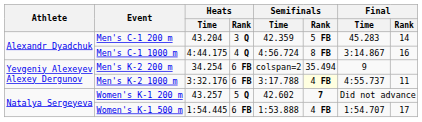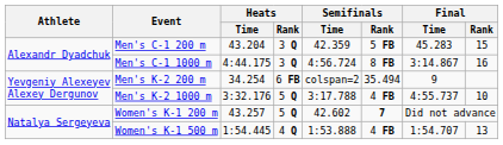 <table class="wikitable" style="font-size:90%">
 <tr>
 <th rowspan=2>Athlete</th>
 <th rowspan=2>Event</th>
 <th colspan=2>Heats</th>
 <th colspan=2>Semifinals</th>
 <th colspan=2>Final</th>
 </tr>
 <tr style="font-size:95%">
 <th>Time</th>
 <th>Rank</th>
 <th>Time</th>
 <th>Rank</th>
 <th>Time</th>
 <th>Rank</th>
 </tr>
 <tr align=center>
 <td align=left rowspan=2><a href='#'>Alexandr Dyadchuk</a></td>
 <td align=left><a href='#'>Men's C-1 200 m</a></td>
 <td>43.204</td>
 <td>3 <strong>Q</strong></td>
 <td>42.359</td>
 <td>5 <strong>FB</strong></td>
 <td>45.283</td>
-<td>14</td>
+<td>15</td>
 </tr>
 <tr align=center>
 <td align=left><a href='#'>Men's C-1 1000 m</a></td>
 <td>4:44.175</td>
-<td>4 <strong>Q</strong></td>
+<td>3 <strong>Q</strong></td>
 <td>4:56.724</td>
 <td>8 <strong>FB</strong></td>
 <td>3:14.867</td>
 <td>16</td>
 </tr>
 <tr align=center>
 <td align=left rowspan=2><a href='#'>Yevgeniy Alexeyev</a><br><a href='#'>Alexey Dergunov</a></td>
 <td align=left><a href='#'>Men's K-2 200 m</a></td>
 <td>34.254</td>
 <td>6 <strong>FB</strong></td>
 <td>colspan=2 </td>
 <td>35.494</td>
 <td>9</td>
 </tr>
 <tr align=center>
 <td align=left><a href='#'>Men's K-2 1000 m</a></td>
 <td>3:32.176</td>
-<td>6 <strong>FB</strong></td>
+<td>5 <strong>Q</strong></td>
 <td>3:17.788</td>
-<td style="background: lightyellow;">4 <strong>FB</strong></td>
+<td>4 <strong>FB</strong></td>
 <td>4:55.737</td>
-<td>11</td>
+<td>10</td>
 </tr>
 <tr align=center>
 <td align=left rowspan=2><a href='#'>Natalya Sergeyeva</a></td>
 <td align=left><a href='#'>Women's K-1 200 m</a></td>
 <td>43.257</td>
 <td>5 <strong>Q</strong></td>
 <td>42.602</td>
 <td><strong>7</strong></td>
 <td colspan=2>Did not advance</td>
 </tr>
 <tr align=center>
 <td align=left><a href='#'>Women's K-1 500 m</a></td>
 <td>1:54.445</td>
-<td>6 <strong>FB</strong></td>
+<td>4 <strong>Q</strong></td>
 <td>1:53.888</td>
 <td>4 <strong>FB</strong></td>
 <td>1:54.707</td>
-<td>17</td>
+<td>13</td>
 </tr>
 </table>
